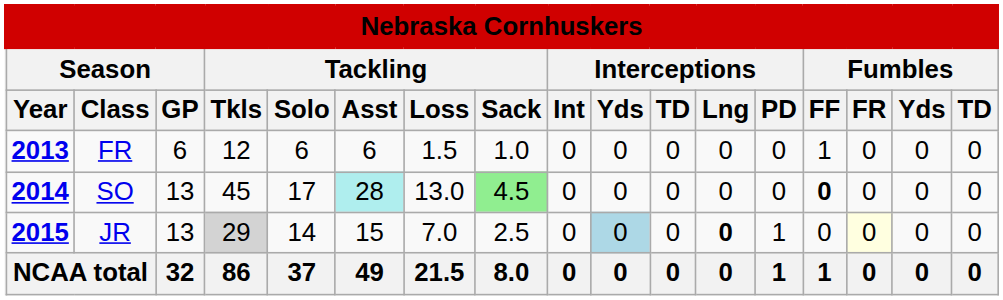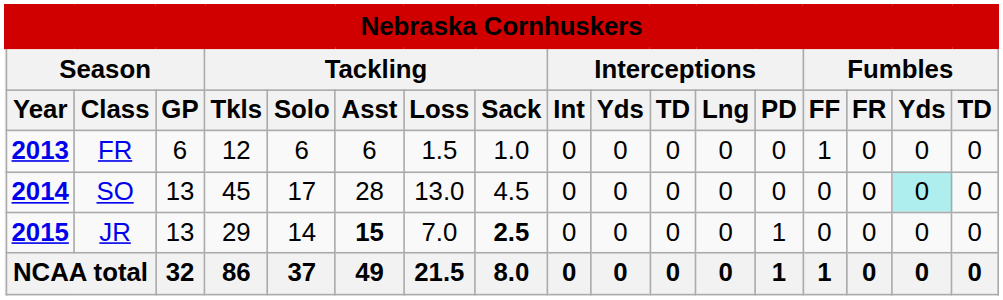 <table class=wikitable style="text-align:center;">
 <tr>
 <td ! colspan="17" style="background:#d00000; border:2px solid #d00000; color:#f5f1e7 text-align:center;;"><strong>Nebraska Cornhuskers</strong></td>
 </tr>
 <tr>
 <th colspan="3" style="text-align:center;">Season</th>
 <th colspan="5" style="text-align:center;">Tackling</th>
 <th colspan="5" style="text-align:center;">Interceptions</th>
 <th colspan="4" style="text-align:center;">Fumbles</th>
 </tr>
 <tr>
 <th>Year</th>
 <th>Class</th>
 <th>GP</th>
 <th>Tkls</th>
 <th>Solo</th>
 <th>Asst</th>
 <th>Loss</th>
 <th>Sack</th>
 <th>Int</th>
 <th>Yds</th>
 <th>TD</th>
 <th>Lng</th>
 <th>PD</th>
 <th>FF</th>
 <th>FR</th>
 <th>Yds</th>
 <th>TD</th>
 </tr>
 <tr style="text-align:center;">
 <td><strong><a href='#'>2013</a></strong></td>
 <td><a href='#'>FR</a></td>
 <td>6</td>
 <td>12</td>
 <td>6</td>
 <td>6</td>
 <td>1.5</td>
 <td>1.0</td>
 <td>0</td>
 <td>0</td>
 <td>0</td>
 <td>0</td>
 <td>0</td>
 <td>1</td>
 <td>0</td>
 <td>0</td>
 <td>0</td>
 </tr>
 <tr style="text-align:center;">
 <td><strong><a href='#'>2014</a></strong></td>
 <td><a href='#'>SO</a></td>
 <td>13</td>
 <td>45</td>
 <td>17</td>
-<td style="background: paleturquoise;">28</td>
+<td>28</td>
 <td>13.0</td>
-<td style="background: lightgreen;">4.5</td>
+<td>4.5</td>
 <td>0</td>
 <td>0</td>
 <td>0</td>
 <td>0</td>
 <td>0</td>
-<td><strong>0</strong></td>
 <td>0</td>
 <td>0</td>
+<td style="background: paleturquoise;">0</td>
 <td>0</td>
 </tr>
 <tr style="text-align:center;">
 <td><strong><a href='#'>2015</a></strong></td>
 <td><a href='#'>JR</a></td>
 <td>13</td>
-<td style="background: lightgrey;">29</td>
+<td>29</td>
 <td>14</td>
-<td>15</td>
+<td><strong>15</strong></td>
 <td>7.0</td>
-<td>2.5</td>
+<td><strong>2.5</strong></td>
 <td>0</td>
-<td style="background: lightblue;">0</td>
 <td>0</td>
-<td><strong>0</strong></td>
+<td>0</td>
+<td>0</td>
 <td>1</td>
 <td>0</td>
-<td style="background: lightyellow;">0</td>
+<td>0</td>
 <td>0</td>
 <td>0</td>
 </tr>
 <tr style="text-align:center;">
 <th colspan="2" style="text-align:center;">NCAA total</th>
 <th>32</th>
 <th>86</th>
 <th>37</th>
 <th>49</th>
 <th>21.5</th>
 <th>8.0</th>
 <th>0</th>
 <th>0</th>
 <th>0</th>
 <th>0</th>
 <th>1</th>
 <th>1</th>
 <th>0</th>
 <th>0</th>
 <th>0</th>
 </tr>
 </table>
